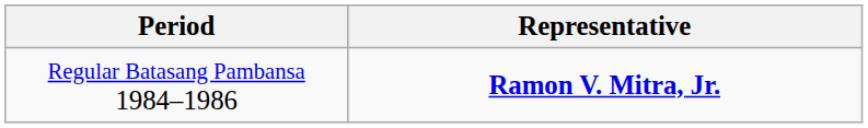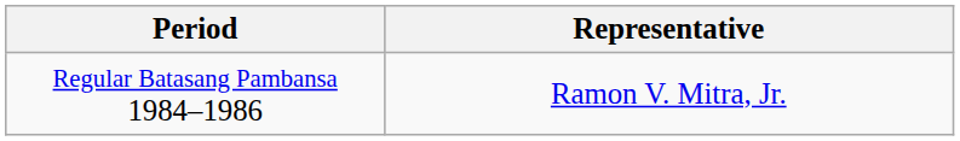 <table class="wikitable" style="text-align:center; width:40%;">
 <tr>
 <th width="40%">Period</th>
 <th>Representative</th>
 </tr>
 <tr>
 <td><small><a href='#'>Regular Batasang Pambansa</a></small><br>1984–1986</td>
-<td><strong><a href='#'>Ramon V. Mitra, Jr.</a></strong></td>
+<td><a href='#'>Ramon V. Mitra, Jr.</a></td>
 </tr>
 </table>
